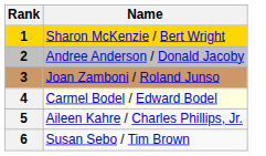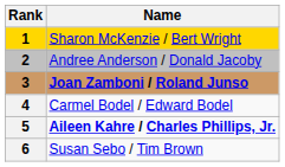 <table class="wikitable">
 <tr>
 <th>Rank</th>
 <th>Name</th>
 </tr>
 <tr bgcolor="gold">
 <td align="center"><strong>1</strong></td>
 <td><a href='#'>Sharon McKenzie</a> / <a href='#'>Bert Wright</a></td>
 </tr>
 <tr bgcolor="silver">
 <td align="center"><strong>2</strong></td>
 <td><a href='#'>Andree Anderson</a> / <a href='#'>Donald Jacoby</a></td>
 </tr>
 <tr bgcolor="cc9966">
 <td align="center"><strong>3</strong></td>
-<td><a href='#'>Joan Zamboni</a> / <a href='#'>Roland Junso</a></td>
+<td><strong><a href='#'>Joan Zamboni</a> / <a href='#'>Roland Junso</a></strong></td>
 </tr>
 <tr>
 <th>4</th>
-<td style="background: lightyellow;"><a href='#'>Carmel Bodel</a> / <a href='#'>Edward Bodel</a></td>
+<td><a href='#'>Carmel Bodel</a> / <a href='#'>Edward Bodel</a></td>
 </tr>
 <tr>
 <th>5</th>
-<td><a href='#'>Aileen Kahre</a> / <a href='#'>Charles Phillips, Jr.</a></td>
+<td><strong><a href='#'>Aileen Kahre</a> / <a href='#'>Charles Phillips, Jr.</a></strong></td>
 </tr>
 <tr>
 <th>6</th>
 <td><a href='#'>Susan Sebo</a> / <a href='#'>Tim Brown</a></td>
 </tr>
 </table>
